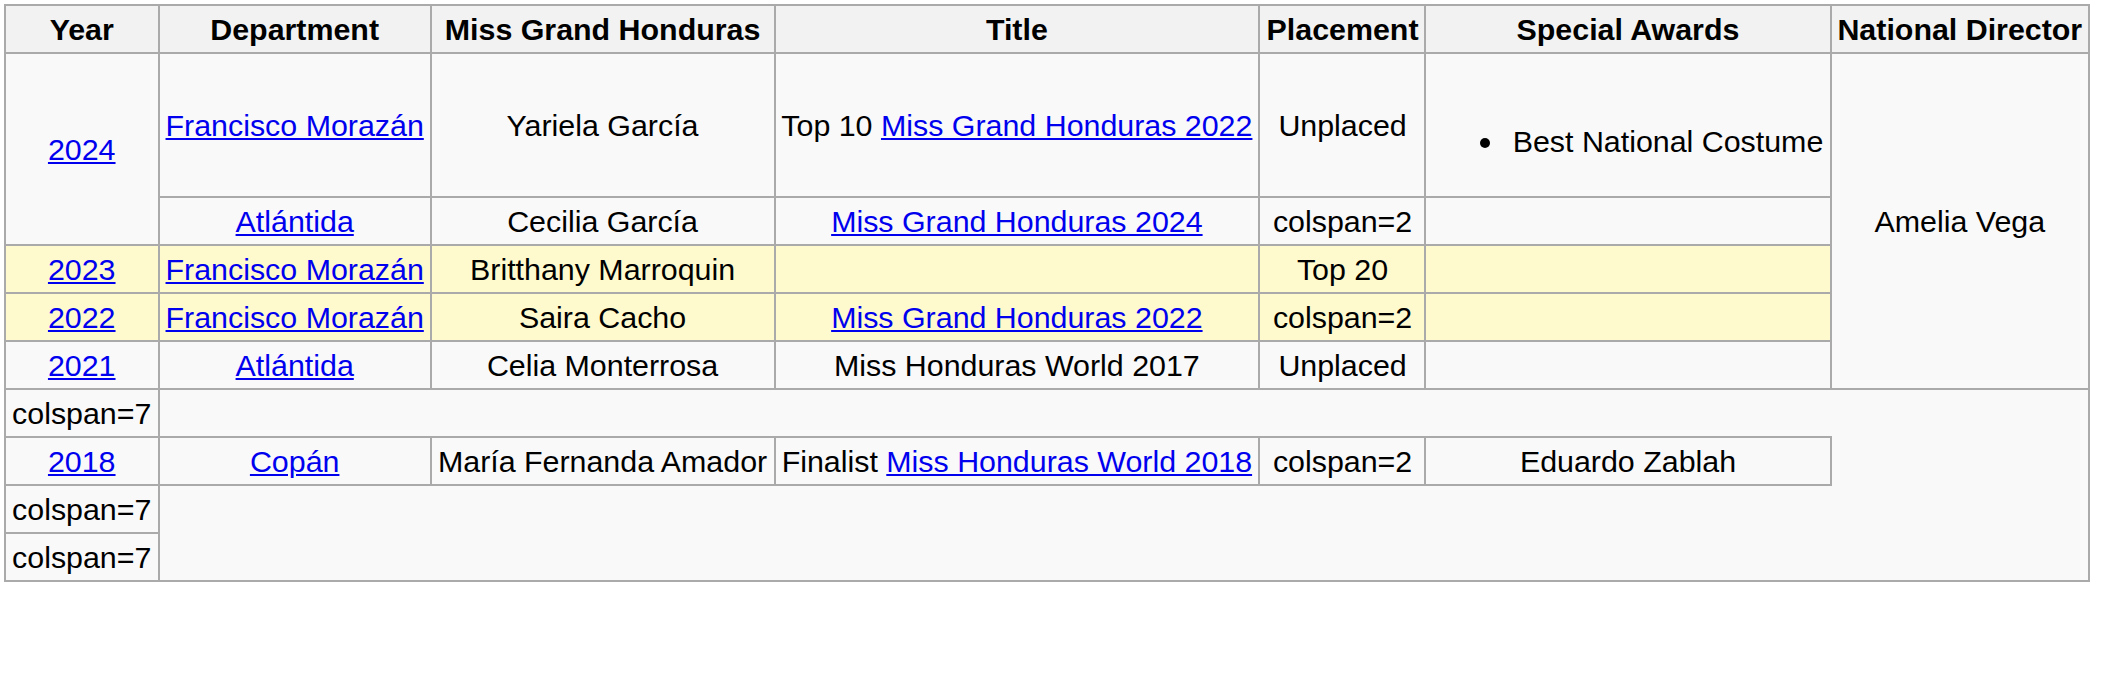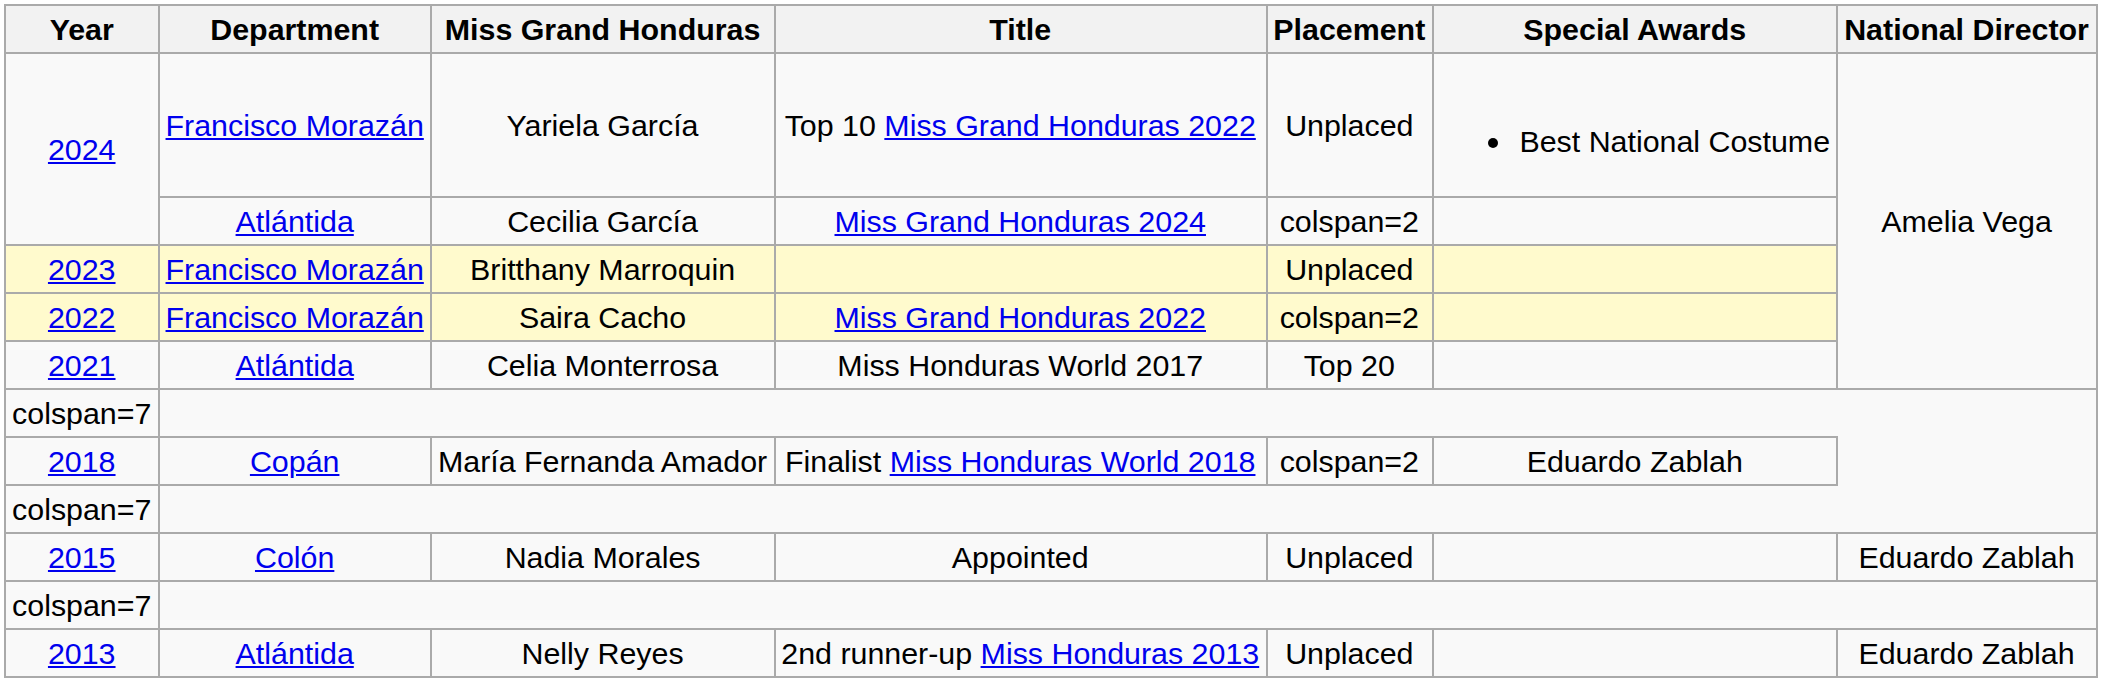 <table class="wikitable" style="font-size: 95%; text-align:center">
 <tr>
 <th>Year</th>
 <th>Department</th>
 <th>Miss Grand Honduras</th>
 <th>Title</th>
 <th>Placement</th>
 <th>Special Awards</th>
 <th>National Director</th>
 </tr>
 <tr>
 <td rowspan="2"><a href='#'>2024</a></td>
 <td><a href='#'>Francisco Morazán</a></td>
 <td>Yariela García</td>
 <td>Top 10 <a href='#'>Miss Grand Honduras 2022</a></td>
 <td>Unplaced</td>
 <td><br><ul><li>Best National Costume</li></ul></td>
 <td rowspan=5>Amelia Vega</td>
 </tr>
 <tr>
 <td><a href='#'>Atlántida</a></td>
 <td>Cecilia García</td>
 <td><a href='#'>Miss Grand Honduras 2024</a></td>
 <td>colspan=2 </td>
 </tr>
 <tr bgcolor=#FFFACD>
 <td><a href='#'>2023</a></td>
 <td><a href='#'>Francisco Morazán</a></td>
 <td>Britthany Marroquin</td>
 <td></td>
-<td>Top 20</td>
+<td>Unplaced</td>
 <td></td>
 </tr>
 <tr bgcolor=#FFFACD>
 <td><a href='#'>2022</a></td>
 <td><a href='#'>Francisco Morazán</a></td>
 <td>Saira Cacho</td>
 <td><a href='#'>Miss Grand Honduras 2022</a></td>
 <td>colspan=2 </td>
 <td></td>
 </tr>
 <tr>
 <td><a href='#'>2021</a></td>
 <td><a href='#'>Atlántida</a></td>
 <td>Celia Monterrosa</td>
 <td>Miss Honduras World 2017</td>
-<td>Unplaced</td>
+<td>Top 20</td>
 <td></td>
 </tr>
 <tr>
 <td>colspan=7 </td>
 </tr>
 <tr>
 <td><a href='#'>2018</a></td>
 <td><a href='#'>Copán</a></td>
 <td>María Fernanda Amador</td>
 <td>Finalist <a href='#'>Miss Honduras World 2018</a></td>
 <td>colspan=2 </td>
 <td>Eduardo Zablah</td>
 </tr>
 <tr>
 <td>colspan=7 </td>
 </tr>
 <tr>
+<td><a href='#'>2015</a></td>
+<td><a href='#'>Colón</a></td>
+<td>Nadia Morales</td>
+<td>Appointed</td>
+<td>Unplaced</td>
+<td></td>
+<td>Eduardo Zablah</td>
+</tr>
+<tr>
 <td>colspan=7 </td>
 </tr>
+<tr>
+<td><a href='#'>2013</a></td>
+<td><a href='#'>Atlántida</a></td>
+<td>Nelly Reyes</td>
+<td>2nd runner-up <a href='#'>Miss Honduras 2013</a></td>
+<td>Unplaced</td>
+<td></td>
+<td>Eduardo Zablah</td>
+</tr>
 </table>
